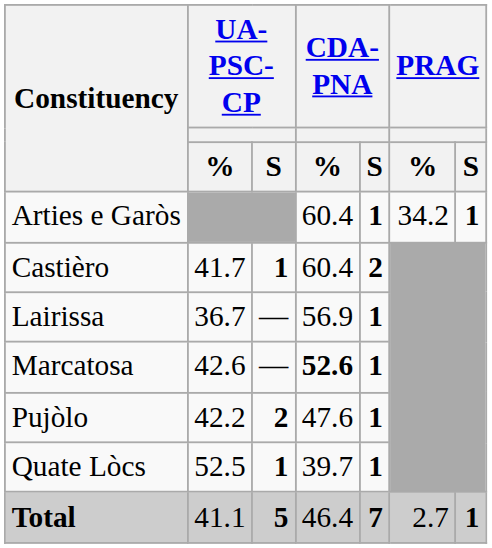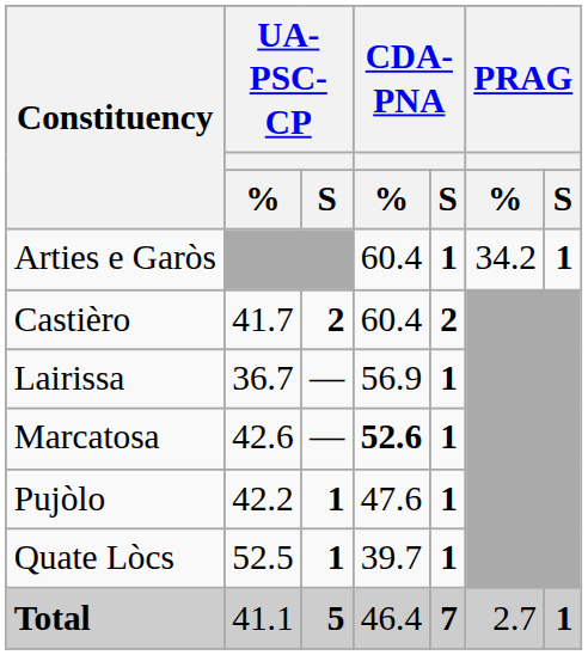 <table class="wikitable sortable" style="text-align:right; line-height:20px;">
 <tr>
 <th rowspan="3">Constituency</th>
 <th colspan="2" width="30px" class="unsortable"><a href='#'>UA-PSC-CP</a></th>
 <th colspan="2" width="30px" class="unsortable"><a href='#'>CDA-PNA</a></th>
 <th colspan="2" width="30px" class="unsortable"><a href='#'>PRAG</a></th>
 </tr>
 <tr>
 <th colspan="2" style="background:"></th>
 <th colspan="2" style="background:"></th>
 <th colspan="2" style="background:"></th>
 </tr>
 <tr>
 <th data-sort-type="number">%</th>
 <th data-sort-type="number">S</th>
 <th data-sort-type="number">%</th>
 <th data-sort-type="number">S</th>
 <th data-sort-type="number">%</th>
 <th data-sort-type="number">S</th>
 </tr>
 <tr>
 <td align="left">Arties e Garòs</td>
 <td colspan="2" bgcolor="#AAAAAA"></td>
 <td style="background:">60.4</td>
 <td><strong>1</strong></td>
 <td>34.2</td>
 <td><strong>1</strong></td>
 </tr>
 <tr>
 <td align="left">Castièro</td>
 <td>41.7</td>
-<td><strong>1</strong></td>
+<td><strong>2</strong></td>
 <td style="background:">60.4</td>
 <td><strong>2</strong></td>
 <td colspan="2" rowspan="5" bgcolor="#AAAAAA"></td>
 </tr>
 <tr>
 <td align="left">Lairissa</td>
 <td>36.7</td>
 <td>—</td>
 <td style="background:">56.9</td>
 <td><strong>1</strong></td>
 </tr>
 <tr>
 <td align="left">Marcatosa</td>
 <td>42.6</td>
 <td>—</td>
 <td style="background:"><strong>52.6</strong></td>
 <td><strong>1</strong></td>
 </tr>
 <tr>
 <td align="left">Pujòlo</td>
 <td>42.2</td>
-<td><strong>2</strong></td>
+<td><strong>1</strong></td>
 <td style="background:">47.6</td>
 <td><strong>1</strong></td>
 </tr>
 <tr>
 <td align="left">Quate Lòcs</td>
 <td style="background:">52.5</td>
 <td><strong>1</strong></td>
 <td>39.7</td>
 <td><strong>1</strong></td>
 </tr>
 <tr style="background:#CDCDCD;">
 <td align="left"><strong>Total</strong></td>
 <td>41.1</td>
 <td><strong>5</strong></td>
 <td style="background:">46.4</td>
 <td><strong>7</strong></td>
 <td>2.7</td>
 <td><strong>1</strong></td>
 </tr>
 </table>
